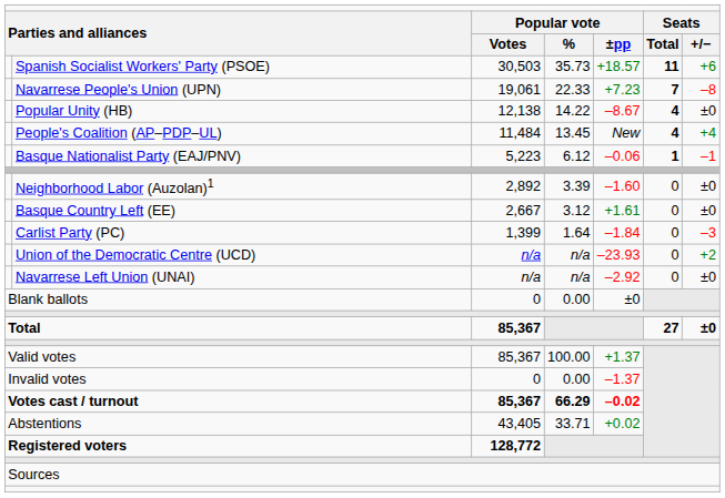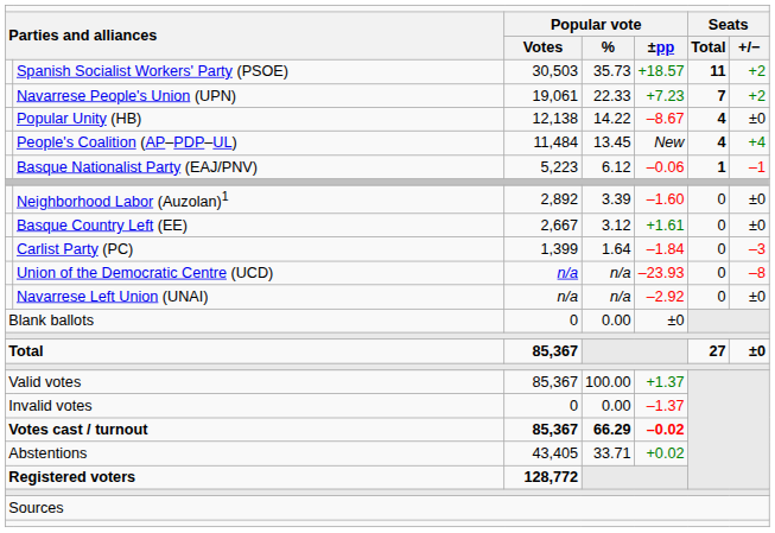 <table class="wikitable" style="text-align:right;">
 <tr>
 <td colspan="7"></td>
 </tr>
 <tr>
 <th style="text-align:left;" rowspan="2" colspan="2" width="525">Parties and alliances</th>
 <th colspan="3">Popular vote</th>
 <th colspan="2">Seats</th>
 </tr>
 <tr>
 <th width="75">Votes</th>
 <th width="45">%</th>
 <th width="45">±<a href='#'>pp</a></th>
 <th width="35">Total</th>
 <th width="35">+/−</th>
 </tr>
 <tr>
 <td width="1" style="color:inherit;background:"></td>
 <td align="left"><a href='#'>Spanish Socialist Workers' Party</a> (PSOE)</td>
 <td>30,503</td>
 <td>35.73</td>
 <td style="color:green;">+18.57</td>
 <td><strong>11</strong></td>
-<td style="color:green;">+6</td>
+<td style="color:green;">+2</td>
 </tr>
 <tr>
 <td style="color:inherit;background:"></td>
 <td align="left"><a href='#'>Navarrese People's Union</a> (UPN)</td>
 <td>19,061</td>
 <td>22.33</td>
 <td style="color:green;">+7.23</td>
 <td><strong>7</strong></td>
-<td style="color:red;">–8</td>
+<td style="color:green;">+2</td>
 </tr>
 <tr>
 <td style="color:inherit;background:"></td>
 <td align="left"><a href='#'>Popular Unity</a> (HB)</td>
 <td>12,138</td>
 <td>14.22</td>
 <td style="color:red;">–8.67</td>
 <td><strong>4</strong></td>
 <td>±0</td>
 </tr>
 <tr>
 <td style="color:inherit;background:"></td>
 <td align="left"><a href='#'>People's Coalition</a> (<a href='#'>AP</a>–<a href='#'>PDP</a>–<a href='#'>UL</a>)</td>
 <td>11,484</td>
 <td>13.45</td>
 <td><em>New</em></td>
 <td><strong>4</strong></td>
 <td style="color:green;">+4</td>
 </tr>
 <tr>
 <td style="color:inherit;background:"></td>
 <td align="left"><a href='#'>Basque Nationalist Party</a> (EAJ/PNV)</td>
 <td>5,223</td>
 <td>6.12</td>
 <td style="color:red;">–0.06</td>
 <td><strong>1</strong></td>
 <td style="color:red;">–1</td>
 </tr>
 <tr>
 <td colspan="7" bgcolor="#C0C0C0"></td>
 </tr>
 <tr>
 <td style="color:inherit;background:"></td>
 <td align="left"><a href='#'>Neighborhood Labor</a> (Auzolan)<sup>1</sup></td>
 <td>2,892</td>
 <td>3.39</td>
 <td style="color:red;">–1.60</td>
 <td>0</td>
 <td>±0</td>
 </tr>
 <tr>
 <td style="color:inherit;background:"></td>
 <td align="left"><a href='#'>Basque Country Left</a> (EE)</td>
 <td>2,667</td>
 <td>3.12</td>
 <td style="color:green;">+1.61</td>
 <td>0</td>
 <td>±0</td>
 </tr>
 <tr>
 <td style="color:inherit;background:"></td>
 <td align="left"><a href='#'>Carlist Party</a> (PC)</td>
 <td>1,399</td>
 <td>1.64</td>
 <td style="color:red;">–1.84</td>
 <td>0</td>
 <td style="color:red;">–3</td>
 </tr>
 <tr>
 <td style="color:inherit;background:"></td>
 <td align="left"><a href='#'>Union of the Democratic Centre</a> (UCD)</td>
 <td><em><a href='#'>n/a</a></em></td>
 <td><em>n/a</em></td>
 <td style="color:red;">–23.93</td>
 <td>0</td>
-<td style="color:green;">+2</td>
+<td style="color:red;">–8</td>
 </tr>
 <tr>
 <td style="color:inherit;background:"></td>
 <td align="left"><a href='#'>Navarrese Left Union</a> (UNAI)</td>
 <td><em>n/a</em></td>
 <td><em>n/a</em></td>
 <td style="color:red;">–2.92</td>
 <td>0</td>
 <td>±0</td>
 </tr>
 <tr>
 <td align="left" colspan="2">Blank ballots</td>
 <td>0</td>
 <td>0.00</td>
 <td>±0</td>
 <td bgcolor="#E9E9E9" colspan="2"></td>
 </tr>
 <tr>
 <td colspan="7" bgcolor="#E9E9E9"></td>
 </tr>
 <tr style="font-weight:bold;">
 <td align="left" colspan="2">Total</td>
 <td>85,367</td>
 <td bgcolor="#E9E9E9" colspan="2"></td>
 <td>27</td>
 <td>±0</td>
 </tr>
 <tr>
 <td colspan="7" bgcolor="#E9E9E9"></td>
 </tr>
 <tr>
 <td align="left" colspan="2">Valid votes</td>
 <td>85,367</td>
 <td>100.00</td>
 <td style="color:green;">+1.37</td>
 <td bgcolor="#E9E9E9" colspan="2" rowspan="5"></td>
 </tr>
 <tr>
 <td align="left" colspan="2">Invalid votes</td>
 <td>0</td>
 <td>0.00</td>
 <td style="color:red;">–1.37</td>
 </tr>
 <tr style="font-weight:bold;">
 <td align="left" colspan="2">Votes cast / turnout</td>
 <td>85,367</td>
 <td>66.29</td>
 <td style="color:red;">–0.02</td>
 </tr>
 <tr>
 <td align="left" colspan="2">Abstentions</td>
 <td>43,405</td>
 <td>33.71</td>
 <td style="color:green;">+0.02</td>
 </tr>
 <tr style="font-weight:bold;">
 <td align="left" colspan="2">Registered voters</td>
 <td>128,772</td>
 <td bgcolor="#E9E9E9" colspan="2"></td>
 </tr>
 <tr>
 <td colspan="7" bgcolor="#E9E9E9"></td>
 </tr>
 <tr>
 <td align="left" colspan="7">Sources</td>
 </tr>
 <tr>
 <td colspan="7" style="text-align:left; max-width:790px;"></td>
 </tr>
 </table>
